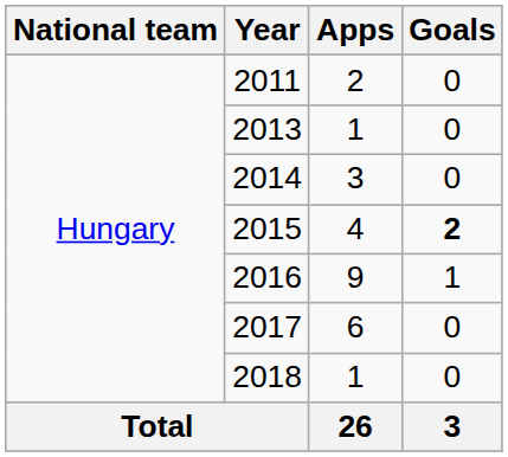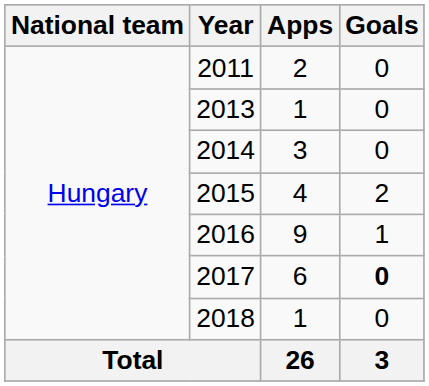 <table class="wikitable" style="text-align:center">
 <tr>
 <th>National team</th>
 <th>Year</th>
 <th>Apps</th>
 <th>Goals</th>
 </tr>
 <tr>
 <td rowspan="7"><a href='#'>Hungary</a></td>
 <td>2011</td>
 <td>2</td>
 <td>0</td>
 </tr>
 <tr>
 <td>2013</td>
 <td>1</td>
 <td>0</td>
 </tr>
 <tr>
 <td>2014</td>
 <td>3</td>
 <td>0</td>
 </tr>
 <tr>
 <td>2015</td>
 <td>4</td>
-<td><strong>2</strong></td>
+<td>2</td>
 </tr>
 <tr>
 <td>2016</td>
 <td>9</td>
 <td>1</td>
 </tr>
 <tr>
 <td>2017</td>
 <td>6</td>
-<td>0</td>
+<td><strong>0</strong></td>
 </tr>
 <tr>
 <td>2018</td>
 <td>1</td>
 <td>0</td>
 </tr>
 <tr>
 <th colspan="2">Total</th>
 <th>26</th>
 <th>3</th>
 </tr>
 </table>
